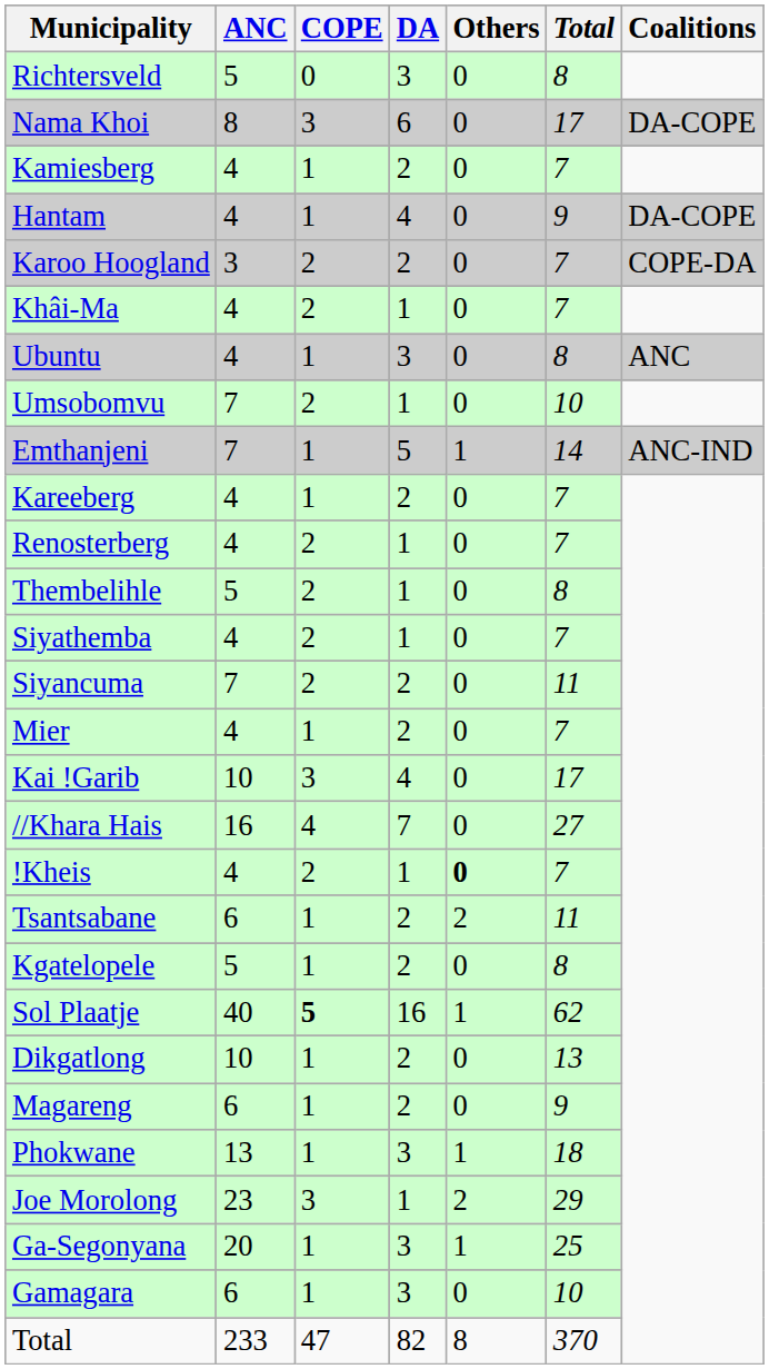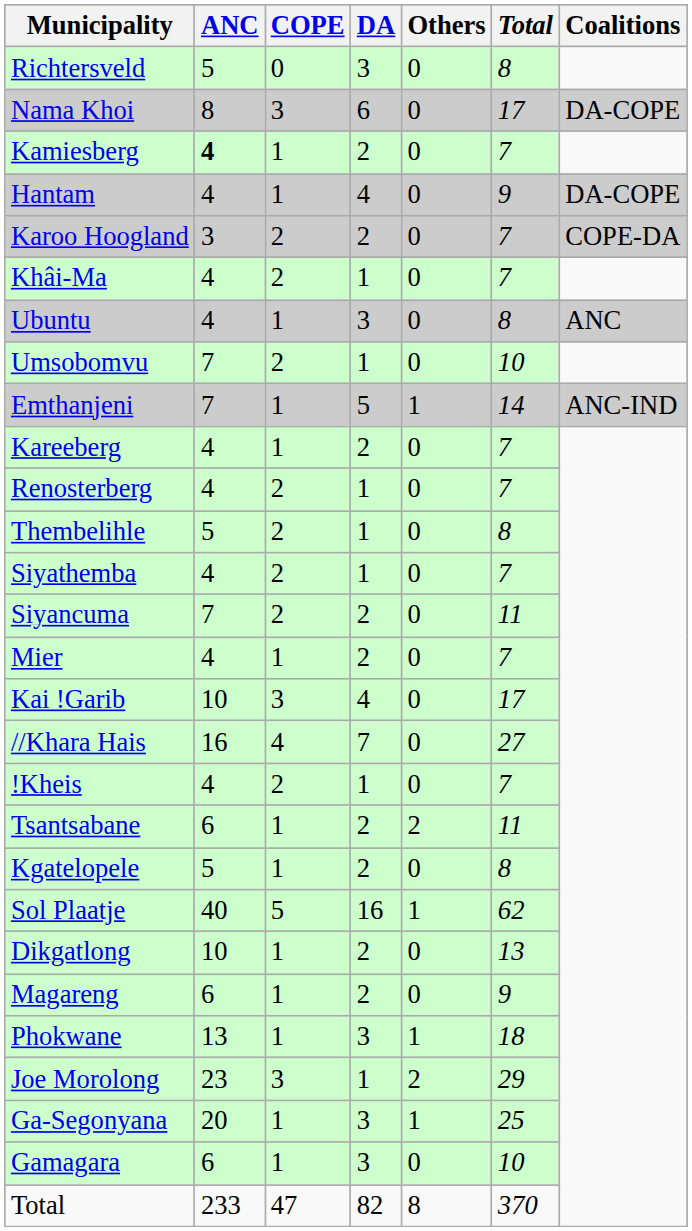 <table class="wikitable">
 <tr>
 <th>Municipality</th>
 <th><a href='#'>ANC</a></th>
 <th><a href='#'>COPE</a></th>
 <th><a href='#'>DA</a></th>
 <th>Others</th>
 <th><em>Total</em></th>
 <th>Coalitions</th>
 </tr>
 <tr style="background:#cfc;">
 <td><a href='#'>Richtersveld</a></td>
 <td>5</td>
 <td>0</td>
 <td>3</td>
 <td>0</td>
 <td><em>8</em></td>
 </tr>
 <tr style="background:#ccc;">
 <td><a href='#'>Nama Khoi</a></td>
 <td>8</td>
 <td>3</td>
 <td>6</td>
 <td>0</td>
 <td><em>17</em></td>
 <td>DA-COPE</td>
 </tr>
 <tr style="background:#cfc;">
 <td><a href='#'>Kamiesberg</a></td>
-<td>4</td>
+<td><strong>4</strong></td>
 <td>1</td>
 <td>2</td>
 <td>0</td>
 <td><em>7</em></td>
 </tr>
 <tr style="background:#ccc;">
 <td><a href='#'>Hantam</a></td>
 <td>4</td>
 <td>1</td>
 <td>4</td>
 <td>0</td>
 <td><em>9</em></td>
 <td>DA-COPE</td>
 </tr>
 <tr style="background:#ccc;">
 <td><a href='#'>Karoo Hoogland</a></td>
 <td>3</td>
 <td>2</td>
 <td>2</td>
 <td>0</td>
 <td><em>7</em></td>
 <td>COPE-DA</td>
 </tr>
 <tr style="background:#cfc;">
 <td><a href='#'>Khâi-Ma</a></td>
 <td>4</td>
 <td>2</td>
 <td>1</td>
 <td>0</td>
 <td><em>7</em></td>
 </tr>
 <tr style="background:#ccc;">
 <td><a href='#'>Ubuntu</a></td>
 <td>4</td>
 <td>1</td>
 <td>3</td>
 <td>0</td>
 <td><em>8</em></td>
 <td>ANC</td>
 </tr>
 <tr style="background:#cfc;">
 <td><a href='#'>Umsobomvu</a></td>
 <td>7</td>
 <td>2</td>
 <td>1</td>
 <td>0</td>
 <td><em>10</em></td>
 </tr>
 <tr style="background:#ccc;">
 <td><a href='#'>Emthanjeni</a></td>
 <td>7</td>
 <td>1</td>
 <td>5</td>
 <td>1</td>
 <td><em>14</em></td>
 <td>ANC-IND</td>
 </tr>
 <tr style="background:#cfc;">
 <td><a href='#'>Kareeberg</a></td>
 <td>4</td>
 <td>1</td>
 <td>2</td>
 <td>0</td>
 <td><em>7</em></td>
 </tr>
 <tr style="background:#cfc;">
 <td><a href='#'>Renosterberg</a></td>
 <td>4</td>
 <td>2</td>
 <td>1</td>
 <td>0</td>
 <td><em>7</em></td>
 </tr>
 <tr style="background:#cfc;">
 <td><a href='#'>Thembelihle</a></td>
 <td>5</td>
 <td>2</td>
 <td>1</td>
 <td>0</td>
 <td><em>8</em></td>
 </tr>
 <tr style="background:#cfc;">
 <td><a href='#'>Siyathemba</a></td>
 <td>4</td>
 <td>2</td>
 <td>1</td>
 <td>0</td>
 <td><em>7</em></td>
 </tr>
 <tr style="background:#cfc;">
 <td><a href='#'>Siyancuma</a></td>
 <td>7</td>
 <td>2</td>
 <td>2</td>
 <td>0</td>
 <td><em>11</em></td>
 </tr>
 <tr style="background:#cfc;">
 <td><a href='#'>Mier</a></td>
 <td>4</td>
 <td>1</td>
 <td>2</td>
 <td>0</td>
 <td><em>7</em></td>
 </tr>
 <tr style="background:#cfc;">
 <td><a href='#'>Kai !Garib</a></td>
 <td>10</td>
 <td>3</td>
 <td>4</td>
 <td>0</td>
 <td><em>17</em></td>
 </tr>
 <tr style="background:#cfc;">
 <td><a href='#'>//Khara Hais</a></td>
 <td>16</td>
 <td>4</td>
 <td>7</td>
 <td>0</td>
 <td><em>27</em></td>
 </tr>
 <tr style="background:#cfc;">
 <td><a href='#'>!Kheis</a></td>
 <td>4</td>
 <td>2</td>
 <td>1</td>
-<td><strong>0</strong></td>
+<td>0</td>
 <td><em>7</em></td>
 </tr>
 <tr style="background:#cfc;">
 <td><a href='#'>Tsantsabane</a></td>
 <td>6</td>
 <td>1</td>
 <td>2</td>
 <td>2</td>
 <td><em>11</em></td>
 </tr>
 <tr style="background:#cfc;">
 <td><a href='#'>Kgatelopele</a></td>
 <td>5</td>
 <td>1</td>
 <td>2</td>
 <td>0</td>
 <td><em>8</em></td>
 </tr>
 <tr style="background:#cfc;">
 <td><a href='#'>Sol Plaatje</a></td>
 <td>40</td>
-<td><strong>5</strong></td>
+<td>5</td>
 <td>16</td>
 <td>1</td>
 <td><em>62</em></td>
 </tr>
 <tr style="background:#cfc;">
 <td><a href='#'>Dikgatlong</a></td>
 <td>10</td>
 <td>1</td>
 <td>2</td>
 <td>0</td>
 <td><em>13</em></td>
 </tr>
 <tr style="background:#cfc;">
 <td><a href='#'>Magareng</a></td>
 <td>6</td>
 <td>1</td>
 <td>2</td>
 <td>0</td>
 <td><em>9</em></td>
 </tr>
 <tr style="background:#cfc;">
 <td><a href='#'>Phokwane</a></td>
 <td>13</td>
 <td>1</td>
 <td>3</td>
 <td>1</td>
 <td><em>18</em></td>
 </tr>
 <tr style="background:#cfc;">
 <td><a href='#'>Joe Morolong</a></td>
 <td>23</td>
 <td>3</td>
 <td>1</td>
 <td>2</td>
 <td><em>29</em></td>
 </tr>
 <tr style="background:#cfc;">
 <td><a href='#'>Ga-Segonyana</a></td>
 <td>20</td>
 <td>1</td>
 <td>3</td>
 <td>1</td>
 <td><em>25</em></td>
 </tr>
 <tr style="background:#cfc;">
 <td><a href='#'>Gamagara</a></td>
 <td>6</td>
 <td>1</td>
 <td>3</td>
 <td>0</td>
 <td><em>10</em></td>
 </tr>
 <tr>
 <td>Total</td>
 <td>233</td>
 <td>47</td>
 <td>82</td>
 <td>8</td>
 <td><em>370</em></td>
 </tr>
 </table>
